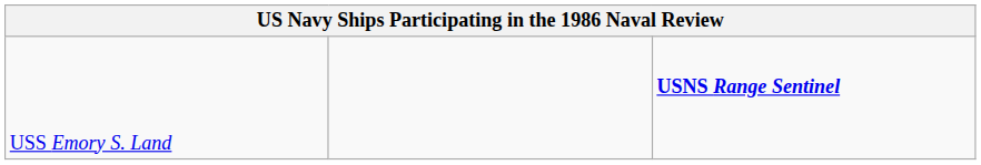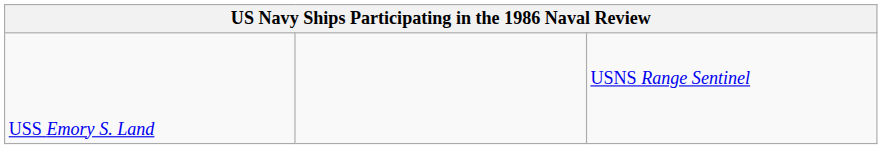 <table class="wikitable">
 <tr>
 <th colspan="3">US Navy Ships Participating in the 1986 Naval Review</th>
 </tr>
 <tr>
 <td style="width:250px;"><br><br> <br> <br> <a href='#'>USS <em>Emory S. Land</em></a><br></td>
 <td style="width:250px;"><br><br> <br> <br> <br></td>
-<td style="width:250px;"><strong><br><a href='#'>USNS <em>Range Sentinel</em></a><br> <br> <br></strong></td>
+<td style="width:250px;"><br><a href='#'>USNS <em>Range Sentinel</em></a><br> <br> <br></td>
 </tr>
 </table>
